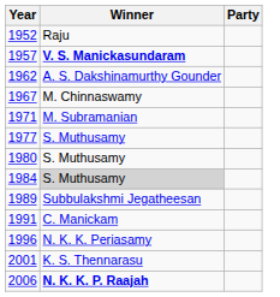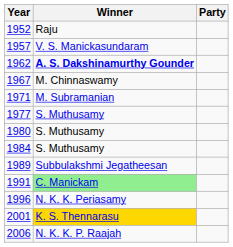 <table class="wikitable sortable">
 <tr>
 <th>Year</th>
 <th>Winner</th>
 <th colspan="2">Party</th>
 </tr>
 <tr>
 <td><a href='#'>1952</a></td>
 <td>Raju</td>
 <td></td>
 </tr>
 <tr>
 <td><a href='#'>1957</a></td>
-<td><strong><a href='#'>V. S. Manickasundaram</a></strong></td>
+<td><a href='#'>V. S. Manickasundaram</a></td>
 <td></td>
 </tr>
 <tr>
 <td><a href='#'>1962</a></td>
-<td><a href='#'>A. S. Dakshinamurthy Gounder</a></td>
+<td><strong><a href='#'>A. S. Dakshinamurthy Gounder</a></strong></td>
 <td></td>
 </tr>
 <tr>
 <td><a href='#'>1967</a></td>
 <td>M. Chinnaswamy</td>
 <td></td>
 </tr>
 <tr>
 <td><a href='#'>1971</a></td>
 <td><a href='#'>M. Subramanian</a></td>
 <td></td>
 </tr>
 <tr>
 <td><a href='#'>1977</a></td>
 <td><a href='#'>S. Muthusamy</a></td>
 <td></td>
 </tr>
 <tr>
 <td><a href='#'>1980</a></td>
 <td>S. Muthusamy</td>
 <td></td>
 </tr>
 <tr>
 <td><a href='#'>1984</a></td>
-<td style="background: lightgrey;">S. Muthusamy</td>
+<td>S. Muthusamy</td>
 <td></td>
 </tr>
 <tr>
 <td><a href='#'>1989</a></td>
 <td><a href='#'>Subbulakshmi Jegatheesan</a></td>
 <td></td>
 </tr>
 <tr>
 <td><a href='#'>1991</a></td>
-<td><a href='#'>C. Manickam</a></td>
+<td style="background: lightgreen;"><a href='#'>C. Manickam</a></td>
 <td></td>
 </tr>
 <tr>
 <td><a href='#'>1996</a></td>
 <td><a href='#'>N. K. K. Periasamy</a></td>
 <td></td>
 </tr>
 <tr>
 <td><a href='#'>2001</a></td>
-<td><a href='#'>K. S. Thennarasu</a></td>
+<td style="background: gold;"><a href='#'>K. S. Thennarasu</a></td>
 <td></td>
 </tr>
 <tr>
 <td><a href='#'>2006</a></td>
-<td><strong><a href='#'>N. K. K. P. Raajah</a></strong></td>
+<td><a href='#'>N. K. K. P. Raajah</a></td>
 <td></td>
 </tr>
 </table>
